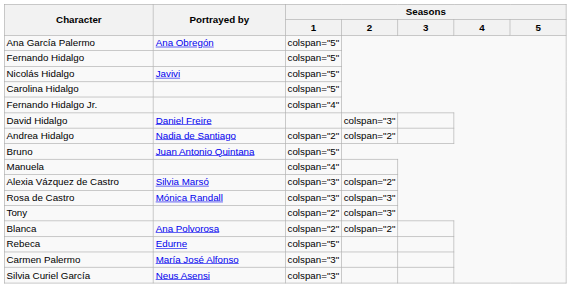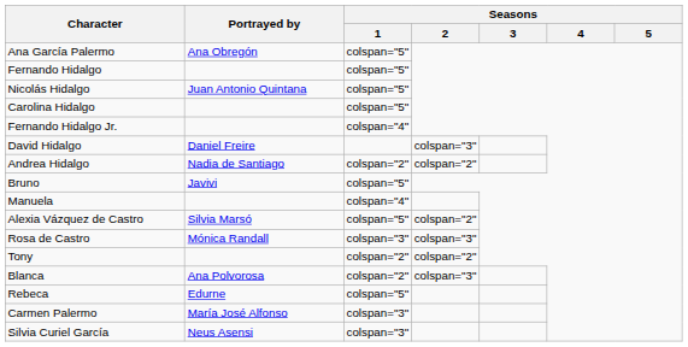 <table class="wikitable">
 <tr>
 <th rowspan="2">Character</th>
 <th rowspan="2">Portrayed by</th>
 <th colspan="5">Seasons</th>
 </tr>
 <tr>
 <th style="width:10%">1</th>
 <th style="width:10%">2</th>
 <th style="width:10%">3</th>
 <th style="width:10%">4</th>
 <th style="width:10%">5</th>
 </tr>
 <tr>
 <td>Ana García Palermo</td>
 <td><a href='#'>Ana Obregón</a></td>
 <td>colspan="5" </td>
 </tr>
 <tr>
 <td>Fernando Hidalgo</td>
 <td></td>
 <td>colspan="5" </td>
 </tr>
 <tr>
 <td>Nicolás Hidalgo</td>
-<td><a href='#'>Javivi</a></td>
+<td><a href='#'>Juan Antonio Quintana</a></td>
 <td>colspan="5" </td>
 </tr>
 <tr>
 <td>Carolina Hidalgo</td>
 <td></td>
 <td>colspan="5" </td>
 </tr>
 <tr>
 <td>Fernando Hidalgo Jr.</td>
 <td></td>
 <td>colspan="4" </td>
 </tr>
 <tr>
 <td>David Hidalgo</td>
 <td><a href='#'>Daniel Freire</a></td>
 <td></td>
 <td>colspan="3" </td>
 <td></td>
 </tr>
 <tr>
 <td>Andrea Hidalgo</td>
 <td><a href='#'>Nadia de Santiago</a></td>
 <td>colspan="2" </td>
 <td>colspan="2" </td>
 <td></td>
 </tr>
 <tr>
 <td>Bruno</td>
-<td><a href='#'>Juan Antonio Quintana</a></td>
+<td><a href='#'>Javivi</a></td>
 <td>colspan="5" </td>
 </tr>
 <tr>
 <td>Manuela</td>
 <td></td>
 <td>colspan="4" </td>
 <td></td>
 </tr>
 <tr>
 <td>Alexia Vázquez de Castro</td>
 <td><a href='#'>Silvia Marsó</a></td>
-<td>colspan="3" </td>
+<td>colspan="5" </td>
 <td>colspan="2" </td>
 </tr>
 <tr>
 <td>Rosa de Castro</td>
 <td><a href='#'>Mónica Randall</a></td>
 <td>colspan="3" </td>
 <td>colspan="3" </td>
 </tr>
 <tr>
 <td>Tony</td>
 <td></td>
 <td>colspan="2" </td>
-<td>colspan="3" </td>
+<td>colspan="2" </td>
 </tr>
 <tr>
 <td>Blanca</td>
 <td><a href='#'>Ana Polvorosa</a></td>
 <td>colspan="2" </td>
-<td>colspan="2" </td>
+<td>colspan="3" </td>
 <td></td>
 </tr>
 <tr>
 <td>Rebeca</td>
 <td><a href='#'>Edurne</a></td>
 <td>colspan="5" </td>
 <td></td>
 <td></td>
 </tr>
 <tr>
 <td>Carmen Palermo</td>
 <td><a href='#'>María José Alfonso</a></td>
 <td>colspan="3" </td>
 <td></td>
 <td></td>
 </tr>
 <tr>
 <td>Silvia Curiel García</td>
 <td><a href='#'>Neus Asensi</a></td>
 <td>colspan="3" </td>
 <td></td>
 <td></td>
 </tr>
 </table>
